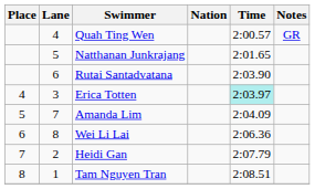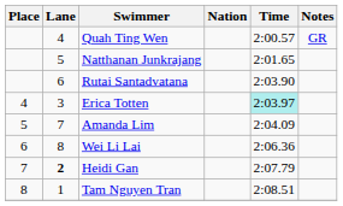 <table class="wikitable sortable" style="text-align:center">
 <tr>
 <th>Place</th>
 <th>Lane</th>
 <th>Swimmer</th>
 <th>Nation</th>
 <th>Time</th>
 <th>Notes</th>
 </tr>
 <tr>
 <td></td>
 <td>4</td>
 <td align=left><a href='#'>Quah Ting Wen</a></td>
 <td align=left></td>
 <td>2:00.57</td>
 <td><a href='#'>GR</a></td>
 </tr>
 <tr>
 <td></td>
 <td>5</td>
 <td align=left><a href='#'>Natthanan Junkrajang</a></td>
 <td align=left></td>
 <td>2:01.65</td>
 <td></td>
 </tr>
 <tr>
 <td></td>
 <td>6</td>
 <td align=left><a href='#'>Rutai Santadvatana</a></td>
 <td align=left></td>
 <td>2:03.90</td>
 <td></td>
 </tr>
 <tr>
 <td>4</td>
 <td>3</td>
 <td align=left><a href='#'>Erica Totten</a></td>
 <td align=left></td>
 <td style="background: paleturquoise;">2:03.97</td>
 <td></td>
 </tr>
 <tr>
 <td>5</td>
 <td>7</td>
 <td align=left><a href='#'>Amanda Lim</a></td>
 <td align=left></td>
 <td>2:04.09</td>
 <td></td>
 </tr>
 <tr>
 <td>6</td>
 <td>8</td>
 <td align=left><a href='#'>Wei Li Lai</a></td>
 <td align=left></td>
 <td>2:06.36</td>
 <td></td>
 </tr>
 <tr>
 <td>7</td>
-<td>2</td>
+<td><strong>2</strong></td>
 <td align=left><a href='#'>Heidi Gan</a></td>
 <td align=left></td>
 <td>2:07.79</td>
 <td></td>
 </tr>
 <tr>
 <td>8</td>
 <td>1</td>
 <td align=left><a href='#'>Tam Nguyen Tran</a></td>
 <td align=left></td>
 <td>2:08.51</td>
 <td></td>
 </tr>
 <tr>
 </tr>
 </table>
